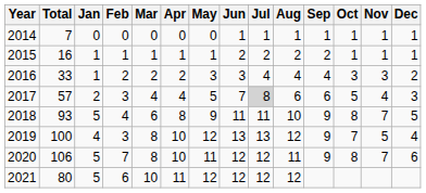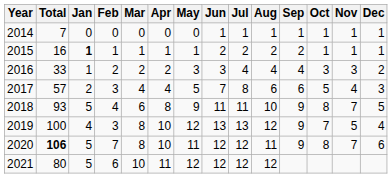 <table class="wikitable" style="text-align:right;">
 <tr>
 <th>Year</th>
 <th>Total</th>
 <th>Jan</th>
 <th>Feb</th>
 <th>Mar</th>
 <th>Apr</th>
 <th>May</th>
 <th>Jun</th>
 <th>Jul</th>
 <th>Aug</th>
 <th>Sep</th>
 <th>Oct</th>
 <th>Nov</th>
 <th>Dec</th>
 </tr>
 <tr align=right>
 <td>2014</td>
 <td>7</td>
 <td>0</td>
 <td>0</td>
 <td>0</td>
 <td>0</td>
 <td>0</td>
 <td>1</td>
 <td>1</td>
 <td>1</td>
 <td>1</td>
 <td>1</td>
 <td>1</td>
 <td>1</td>
 </tr>
 <tr align=right>
 <td>2015</td>
 <td>16</td>
-<td>1</td>
+<td><strong>1</strong></td>
 <td>1</td>
 <td>1</td>
 <td>1</td>
 <td>1</td>
 <td>2</td>
 <td>2</td>
 <td>2</td>
 <td>2</td>
 <td>1</td>
 <td>1</td>
 <td>1</td>
 </tr>
 <tr align=right>
 <td>2016</td>
 <td>33</td>
 <td>1</td>
 <td>2</td>
 <td>2</td>
 <td>2</td>
 <td>3</td>
 <td>3</td>
 <td>4</td>
 <td>4</td>
 <td>4</td>
 <td>3</td>
 <td>3</td>
 <td>2</td>
 </tr>
 <tr align=right>
 <td>2017</td>
 <td>57</td>
 <td>2</td>
 <td>3</td>
 <td>4</td>
 <td>4</td>
 <td>5</td>
 <td>7</td>
-<td style="background: lightgrey;">8</td>
+<td>8</td>
 <td>6</td>
 <td>6</td>
 <td>5</td>
 <td>4</td>
 <td>3</td>
 </tr>
 <tr align=right>
 <td>2018</td>
 <td>93</td>
 <td>5</td>
 <td>4</td>
 <td>6</td>
 <td>8</td>
 <td>9</td>
 <td>11</td>
 <td>11</td>
 <td>10</td>
 <td>9</td>
 <td>8</td>
 <td>7</td>
 <td>5</td>
 </tr>
 <tr align=right>
 <td>2019</td>
 <td>100</td>
 <td>4</td>
 <td>3</td>
 <td>8</td>
 <td>10</td>
 <td>12</td>
 <td>13</td>
 <td>13</td>
 <td>12</td>
 <td>9</td>
 <td>7</td>
 <td>5</td>
 <td>4</td>
 </tr>
 <tr align=right>
 <td>2020</td>
-<td>106</td>
+<td><strong>106</strong></td>
 <td>5</td>
 <td>7</td>
 <td>8</td>
 <td>10</td>
 <td>11</td>
 <td>12</td>
 <td>12</td>
 <td>11</td>
 <td>9</td>
 <td>8</td>
 <td>7</td>
 <td>6</td>
 </tr>
 <tr align=right>
 <td>2021</td>
 <td>80</td>
 <td>5</td>
 <td>6</td>
 <td>10</td>
 <td>11</td>
 <td>12</td>
 <td>12</td>
 <td>12</td>
 <td>12</td>
 <td></td>
 <td></td>
 <td></td>
 </tr>
 </table>
